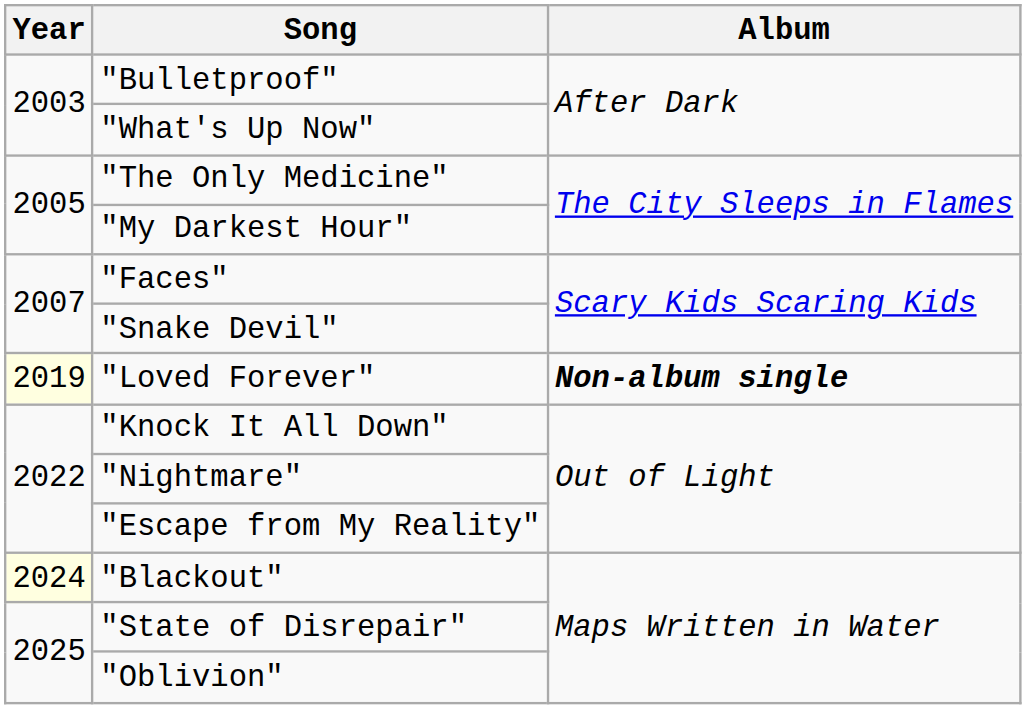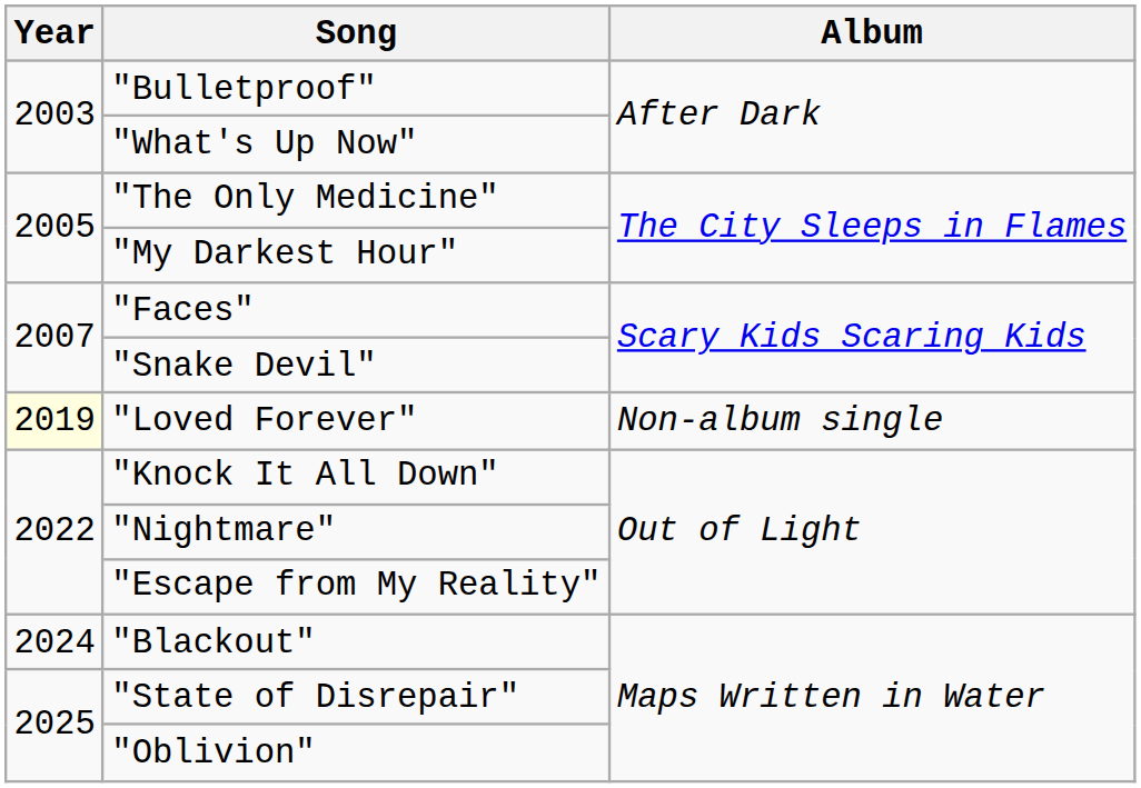 <table class="wikitable">
 <tr>
 <th rowspan="1">Year</th>
 <th rowspan="1">Song</th>
 <th rowspan="1">Album</th>
 </tr>
 <tr>
 <td align="center" rowspan="2">2003</td>
 <td align="left">"Bulletproof"</td>
 <td rowspan="2"><em>After Dark</em></td>
 </tr>
 <tr>
 <td align="left">"What's Up Now"</td>
 </tr>
 <tr>
 <td align="center" rowspan="2">2005</td>
 <td align="left">"The Only Medicine"</td>
 <td rowspan="2"><em><a href='#'>The City Sleeps in Flames</a></em></td>
 </tr>
 <tr>
 <td align="left">"My Darkest Hour"</td>
 </tr>
 <tr>
 <td align="center" rowspan="2">2007</td>
 <td align="left">"Faces"</td>
 <td rowspan="2"><em><a href='#'>Scary Kids Scaring Kids</a></em></td>
 </tr>
 <tr>
 <td align="left">"Snake Devil"</td>
 </tr>
 <tr>
 <td align="center" style="background: lightyellow;">2019</td>
 <td align="left">"Loved Forever"</td>
-<td><strong><em>Non-album single</em></strong></td>
+<td><em>Non-album single</em></td>
 </tr>
 <tr>
 <td align="center" rowspan="3">2022</td>
 <td align="left">"Knock It All Down"<br></td>
 <td rowspan="3"><em>Out of Light</em></td>
 </tr>
 <tr>
 <td align="left">"Nightmare"<br></td>
 </tr>
 <tr>
 <td align="left">"Escape from My Reality"<br></td>
 </tr>
 <tr>
-<td align="center" style="background: lightyellow;">2024</td>
+<td align="center">2024</td>
 <td align="left">"Blackout"<br></td>
 <td rowspan="3"><em>Maps Written in Water</em></td>
 </tr>
 <tr>
 <td align="center" rowspan="2">2025</td>
 <td align="left">"State of Disrepair"<br></td>
 </tr>
 <tr>
 <td align="left">"Oblivion"<br></td>
 </tr>
 </table>
